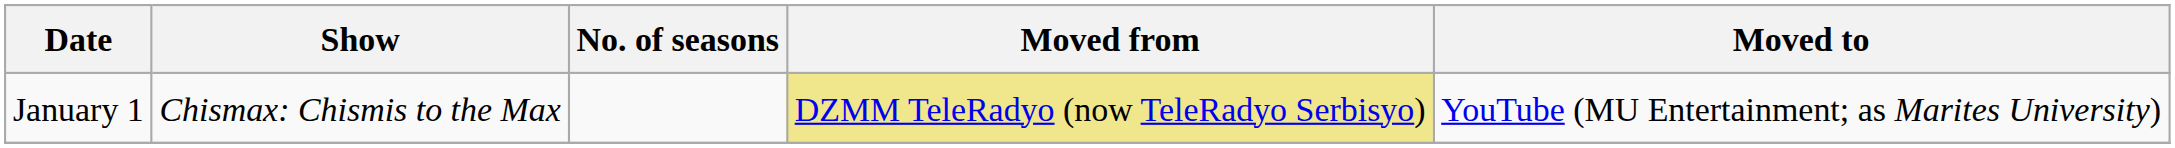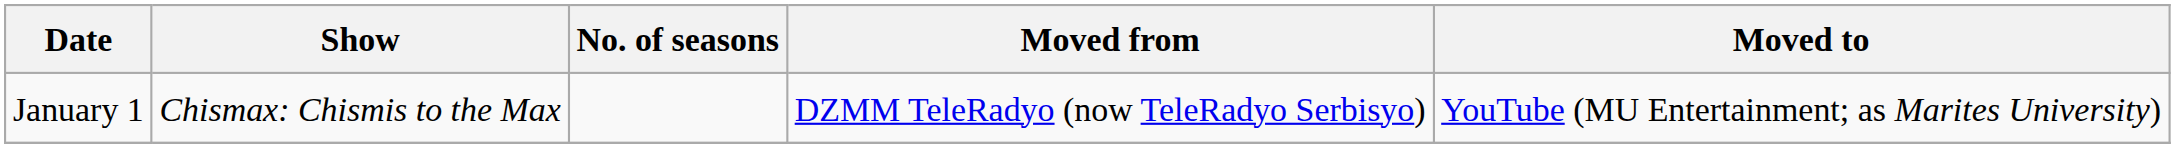 <table class="wikitable" style="text-align:left; line-height:25px; width:auto;">
 <tr>
 <th>Date</th>
 <th>Show</th>
 <th>No. of seasons</th>
 <th>Moved from</th>
 <th>Moved to</th>
 </tr>
 <tr>
 <td>January 1</td>
 <td><em>Chismax: Chismis to the Max</em></td>
 <td></td>
-<td style="background: khaki;"><a href='#'>DZMM TeleRadyo</a> (now <a href='#'>TeleRadyo Serbisyo</a>)</td>
+<td><a href='#'>DZMM TeleRadyo</a> (now <a href='#'>TeleRadyo Serbisyo</a>)</td>
 <td><a href='#'>YouTube</a> (MU Entertainment; as <em>Marites University</em>)</td>
 </tr>
 <tr>
 </tr>
 </table>
